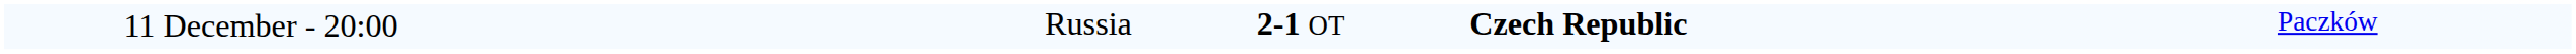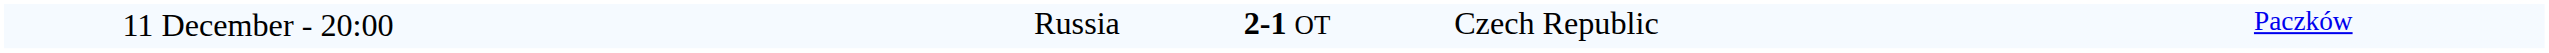 <table style="width: 100%; background:#F5FAFF;" cellspacing="0">
 <tr>
 <td align=center rowspan=3 width=20%>11 December - 20:00</td>
 </tr>
 <tr>
 <td width=24% align=right>Russia</td>
 <td align=center width=13%><strong>2-1</strong> <small>OT</small></td>
-<td width=24%><strong>Czech Republic</strong></td>
+<td width=24%>Czech Republic</td>
 <td style=font-size:85% rowspan=3 valign=top align=center><a href='#'>Paczków</a></td>
 </tr>
 <tr style=font-size:85%>
 <td align=right valign=top></td>
 <td></td>
 <td></td>
 </tr>
 </table>
